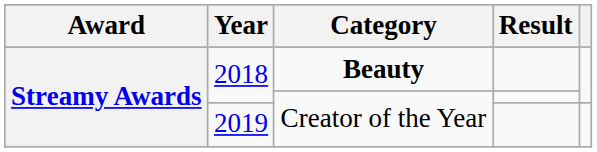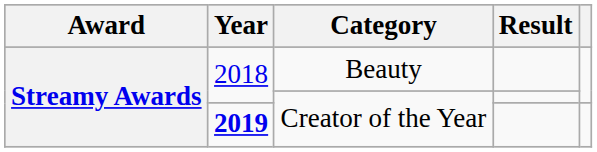 <table class="wikitable plainrowheaders sortable" style="text-align: center;">
 <tr>
 <th scope="col">Award</th>
 <th scope="col">Year</th>
 <th scope="col">Category</th>
 <th scope="col">Result</th>
 <th scope="col" class="unsortable"></th>
 </tr>
 <tr>
 <th rowspan="3" scope="row"><a href='#'>Streamy Awards</a></th>
 <td rowspan="2"><a href='#'>2018</a></td>
-<td><strong>Beauty</strong></td>
+<td>Beauty</td>
 <td></td>
 <td rowspan="2"></td>
 </tr>
 <tr>
 <td rowspan="2">Creator of the Year</td>
 <td></td>
 </tr>
 <tr>
-<td><a href='#'>2019</a></td>
+<td><strong><a href='#'>2019</a></strong></td>
 <td></td>
 <td></td>
 </tr>
 </table>
